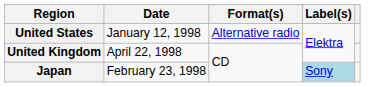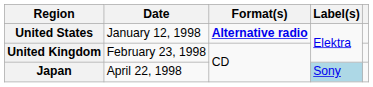 <table class="wikitable plainrowheaders">
 <tr>
 <th scope="col">Region</th>
 <th scope="col">Date</th>
 <th scope="col">Format(s)</th>
 <th scope="col">Label(s)</th>
 <th scope="col"></th>
 </tr>
 <tr>
 <th scope="row">United States</th>
 <td>January 12, 1998</td>
-<td><a href='#'>Alternative radio</a></td>
+<td><strong><a href='#'>Alternative radio</a></strong></td>
 <td rowspan="2"><a href='#'>Elektra</a></td>
 <td></td>
 </tr>
 <tr>
 <th scope="row">United Kingdom</th>
-<td>April 22, 1998</td>
+<td>February 23, 1998</td>
 <td rowspan="2">CD</td>
 <td></td>
 </tr>
 <tr>
 <th scope="row">Japan</th>
-<td>February 23, 1998</td>
+<td>April 22, 1998</td>
 <td style="background: lightblue;"><a href='#'>Sony</a></td>
 <td></td>
 </tr>
 </table>
